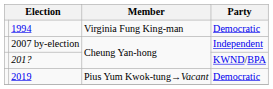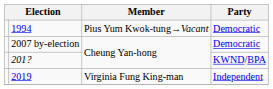 <table class="wikitable">
 <tr>
 <th colspan="2">Election</th>
 <th>Member</th>
 <th>Party</th>
 </tr>
 <tr>
 <td style="background-color:"></td>
 <td><a href='#'>1994</a></td>
-<td>Virginia Fung King-man</td>
+<td>Pius Yum Kwok-tung→<em>Vacant</em></td>
 <td><a href='#'>Democratic</a></td>
 </tr>
 <tr>
 <td style="background-color:"></td>
 <td>2007 by-election</td>
 <td rowspan=2>Cheung Yan-hong</td>
-<td><a href='#'>Independent</a></td>
+<td><a href='#'>Democratic</a></td>
 </tr>
 <tr>
 <td style="background-color:"></td>
 <td><em>201?</em></td>
 <td><a href='#'>KWND</a>/<a href='#'>BPA</a></td>
 </tr>
 <tr>
 <td style="background-color:"></td>
 <td><a href='#'>2019</a></td>
-<td>Pius Yum Kwok-tung→<em>Vacant</em></td>
-<td><a href='#'>Democratic</a></td>
+<td>Virginia Fung King-man</td>
+<td><a href='#'>Independent</a></td>
 </tr>
 <tr>
 </tr>
 </table>
